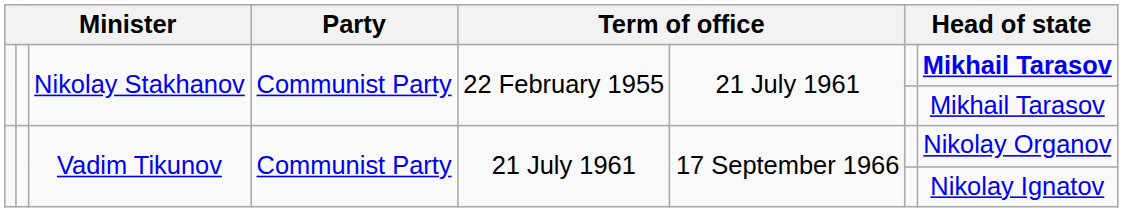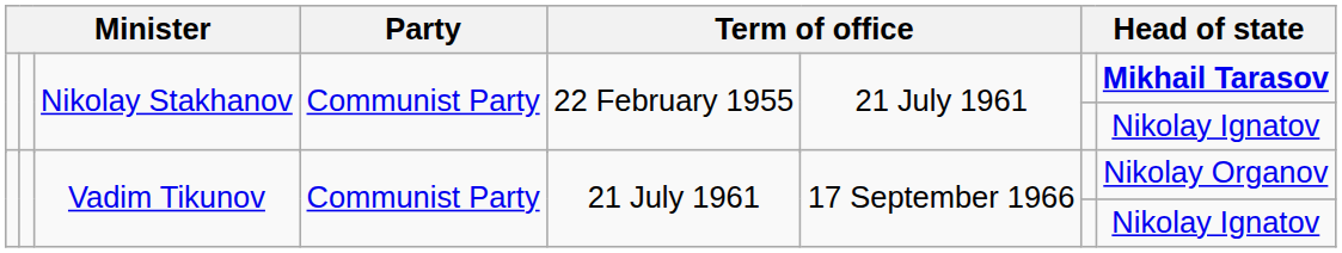 <table class="wikitable" style="text-align:center;">
 <tr>
 <th colspan=3>Minister</th>
 <th>Party</th>
 <th colspan=2>Term of office</th>
 <th colspan=2>Head of state</th>
 </tr>
 <tr>
 <td rowspan=3 style="background:"></td>
 <td rowspan=3></td>
 <td rowspan=3><a href='#'>Nikolay Stakhanov</a></td>
 <td rowspan=3><a href='#'>Communist Party</a></td>
 <td rowspan=3>22 February 1955</td>
 <td rowspan=3>21 July 1961</td>
 <td style="background:"></td>
 <td><strong><a href='#'>Mikhail Tarasov</a></strong></td>
 </tr>
 <tr>
 <td style="background:"></td>
-<td><a href='#'>Mikhail Tarasov</a></td>
+<td><a href='#'>Nikolay Ignatov</a></td>
 </tr>
 <tr>
 <td rowspan=2 style="background:"></td>
 <td rowspan=2><a href='#'>Nikolay Organov</a></td>
 </tr>
 <tr>
 <td rowspan=2 style="background:"></td>
 <td rowspan=2></td>
 <td rowspan=2><a href='#'>Vadim Tikunov</a></td>
 <td rowspan=2><a href='#'>Communist Party</a></td>
 <td rowspan=2>21 July 1961</td>
 <td rowspan=2>17 September 1966</td>
 </tr>
 <tr>
 <td style="background:"></td>
 <td><a href='#'>Nikolay Ignatov</a></td>
 </tr>
 </table>
